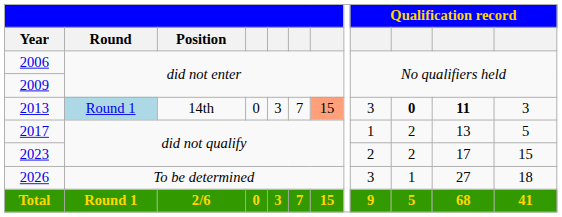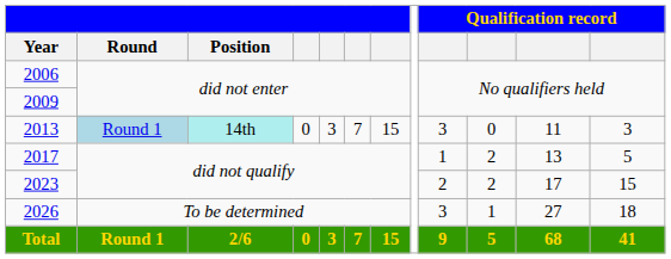 <table class="wikitable" style="text-align: center;">
 <tr>
 <th style="background:Blue;" colspan="7"><a href='#'></a></th>
 <th style="background:white; width:1%;" rowspan="9"></th>
 <th style="background:Blue; color:#FFD700;" colspan="5">Qualification record</th>
 </tr>
 <tr>
 <th>Year</th>
 <th>Round</th>
 <th>Position</th>
 <th></th>
 <th></th>
 <th></th>
 <th></th>
 <th></th>
 <th></th>
 <th></th>
 <th></th>
 </tr>
 <tr>
 <td><a href='#'>2006</a></td>
 <td colspan=6 rowspan=2 align=center><em>did not enter</em></td>
 <td colspan=4 rowspan=2 align=center><em>No qualifiers held</em></td>
 </tr>
 <tr>
 <td><a href='#'>2009</a></td>
 </tr>
 <tr>
 <td> <a href='#'>2013</a></td>
 <td style="background: lightblue;"><a href='#'>Round 1</a></td>
-<td>14th</td>
+<td style="background: paleturquoise;">14th</td>
 <td>0</td>
 <td>3</td>
 <td>7</td>
-<td style="background: lightsalmon;">15</td>
+<td>15</td>
 <td>3</td>
-<td><strong>0</strong></td>
-<td><strong>11</strong></td>
+<td>0</td>
+<td>11</td>
 <td>3</td>
 </tr>
 <tr>
 <td><a href='#'>2017</a></td>
 <td colspan=6 rowspan=2 align=center><em>did not qualify</em></td>
 <td>1</td>
 <td>2</td>
 <td>13</td>
 <td>5</td>
 </tr>
 <tr>
 <td><a href='#'>2023</a></td>
 <td>2</td>
 <td>2</td>
 <td>17</td>
 <td>15</td>
 </tr>
 <tr>
 <td> <a href='#'>2026</a></td>
 <td colspan=6 align=center><em>To be determined</em></td>
 <td>3</td>
 <td>1</td>
 <td>27</td>
 <td>18</td>
 </tr>
 <tr>
 <th style="color:#FFD700; background:#390;">Total</th>
 <th style="color:#FFD700; background:#390;">Round 1</th>
 <th style="color:#FFD700; background:#390;">2/6</th>
 <th style="color:#FFD700; background:#390;">0</th>
 <th style="color:#FFD700; background:#390;">3</th>
 <th style="color:#FFD700; background:#390;">7</th>
 <th style="color:#FFD700; background:#390;">15</th>
 <th style="color:#FFD700; background:#390;">9</th>
 <th style="color:#FFD700; background:#390;">5</th>
 <th style="color:#FFD700; background:#390;">68</th>
 <th style="color:#FFD700; background:#390;">41</th>
 </tr>
 </table>
